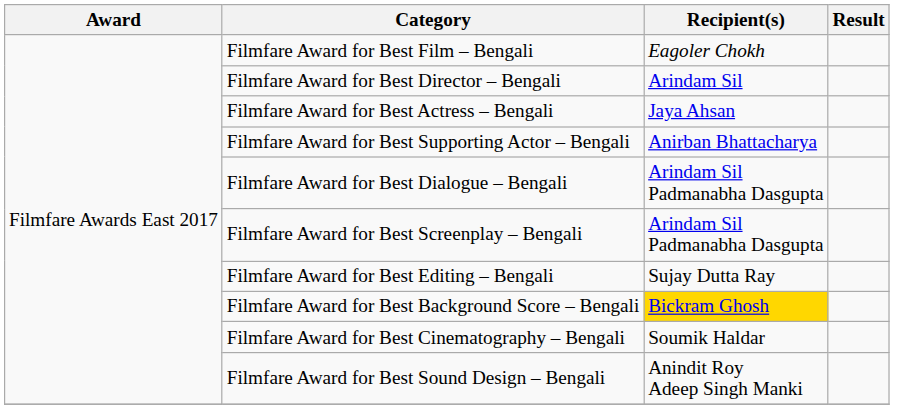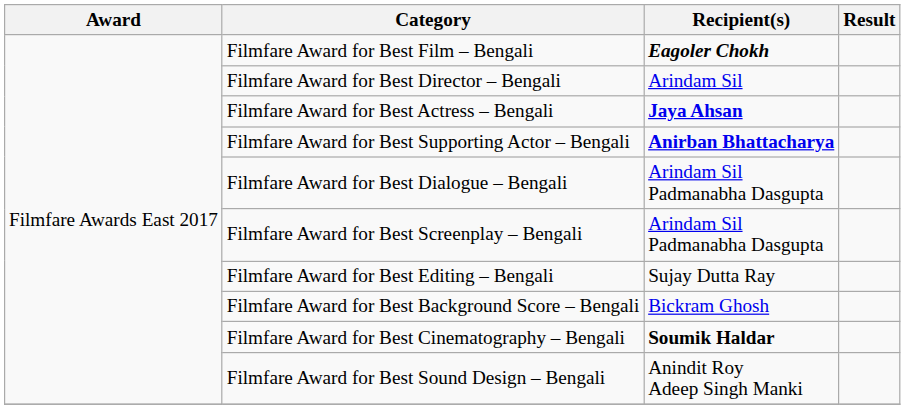 <table class="wikitable sortable">
 <tr>
 <th>Award</th>
 <th>Category</th>
 <th>Recipient(s)</th>
 <th>Result</th>
 </tr>
 <tr>
 <td rowspan="10">Filmfare Awards East 2017</td>
 <td>Filmfare Award for Best Film – Bengali</td>
-<td><em>Eagoler Chokh</em></td>
+<td><strong><em>Eagoler Chokh</em></strong></td>
 <td></td>
 </tr>
 <tr>
 <td>Filmfare Award for Best Director – Bengali</td>
 <td><a href='#'>Arindam Sil</a></td>
 <td></td>
 </tr>
 <tr>
 <td>Filmfare Award for Best Actress – Bengali</td>
-<td><a href='#'>Jaya Ahsan</a></td>
+<td><strong><a href='#'>Jaya Ahsan</a></strong></td>
 <td></td>
 </tr>
 <tr>
 <td>Filmfare Award for Best Supporting Actor – Bengali</td>
-<td><a href='#'>Anirban Bhattacharya</a></td>
+<td><strong><a href='#'>Anirban Bhattacharya</a></strong></td>
 <td></td>
 </tr>
 <tr>
 <td>Filmfare Award for Best Dialogue – Bengali</td>
 <td><a href='#'>Arindam Sil</a> <br> Padmanabha Dasgupta</td>
 <td></td>
 </tr>
 <tr>
 <td>Filmfare Award for Best Screenplay – Bengali</td>
 <td><a href='#'>Arindam Sil</a> <br> Padmanabha Dasgupta</td>
 <td></td>
 </tr>
 <tr>
 <td>Filmfare Award for Best Editing – Bengali</td>
 <td>Sujay Dutta Ray</td>
 <td></td>
 </tr>
 <tr>
 <td>Filmfare Award for Best Background Score – Bengali</td>
-<td style="background: gold;"><a href='#'>Bickram Ghosh</a></td>
+<td><a href='#'>Bickram Ghosh</a></td>
 <td></td>
 </tr>
 <tr>
 <td>Filmfare Award for Best Cinematography – Bengali</td>
-<td>Soumik Haldar</td>
+<td><strong>Soumik Haldar</strong></td>
 <td></td>
 </tr>
 <tr>
 <td>Filmfare Award for Best Sound Design – Bengali</td>
 <td>Anindit Roy <br> Adeep Singh Manki</td>
 <td></td>
 </tr>
 <tr>
 </tr>
 </table>
